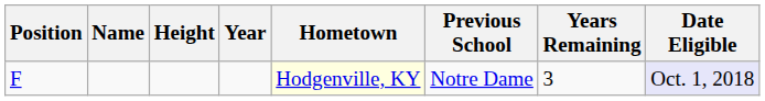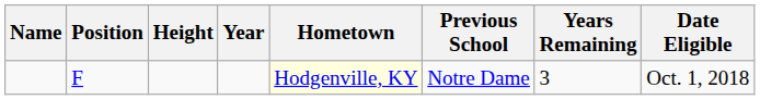 <table class="wikitable sortable" border="1">
 <tr>
+<th>Name</th>
 <th>Position</th>
-<th>Name</th>
 <th>Height</th>
 <th>Year</th>
 <th>Hometown</th>
 <th ! class="unsortable">Previous<br>School</th>
 <th ! class="unsortable">Years<br>Remaining</th>
 <th ! class="unsortable">Date<br>Eligible</th>
 </tr>
 <tr>
+<td></td>
 <td><a href='#'>F</a></td>
-<td></td>
 <td></td>
 <td></td>
 <td style="background: lightyellow;"><a href='#'>Hodgenville, KY</a></td>
 <td><a href='#'>Notre Dame</a></td>
 <td>3</td>
-<td style="background: lavender;">Oct. 1, 2018</td>
+<td>Oct. 1, 2018</td>
 </tr>
 </table>
